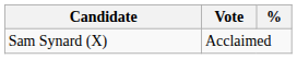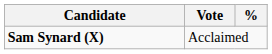 <table class="wikitable">
 <tr>
 <th bgcolor="#DDDDFF" width="200px">Candidate</th>
 <th bgcolor="#DDDDFF" width="50px">Vote</th>
 <th bgcolor="#DDDDFF" width="30px">%</th>
 </tr>
 <tr>
-<td>Sam Synard (X)</td>
+<td><strong>Sam Synard (X)</strong></td>
 <td colspan="2">Acclaimed</td>
 </tr>
 </table>
